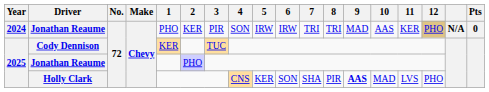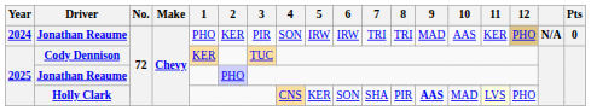 <table class="wikitable" style="text-align:center; font-size:75%">
 <tr>
 <th>Year</th>
 <th>Driver</th>
 <th>No.</th>
 <th>Make</th>
 <th>1</th>
 <th>2</th>
 <th>3</th>
 <th>4</th>
 <th>5</th>
 <th>6</th>
 <th>7</th>
 <th>8</th>
 <th>9</th>
 <th>10</th>
 <th>11</th>
 <th>12</th>
 <th></th>
 <th>Pts</th>
 </tr>
 <tr>
 <th><a href='#'>2024</a></th>
 <th><a href='#'>Jonathan Reaume</a></th>
 <th rowspan=4>72</th>
 <th rowspan=4><a href='#'>Chevy</a></th>
 <td><a href='#'>PHO</a></td>
 <td><a href='#'>KER</a></td>
 <td><a href='#'>PIR</a></td>
 <td><a href='#'>SON</a></td>
 <td><a href='#'>IRW</a></td>
 <td><a href='#'>IRW</a></td>
 <td><a href='#'>TRI</a></td>
 <td><a href='#'>TRI</a></td>
 <td><a href='#'>MAD</a></td>
 <td><a href='#'>AAS</a></td>
 <td><a href='#'>KER</a></td>
 <td style="background:#DFC484;"><a href='#'>PHO</a><br></td>
 <th>N/A</th>
 <th>0</th>
 </tr>
 <tr>
 <th rowspan=3><a href='#'>2025</a></th>
 <th><a href='#'>Cody Dennison</a></th>
 <td style="background:#FFDF9F;"><a href='#'>KER</a><br></td>
 <td></td>
 <td style="background:#FFDF9F;"><a href='#'>TUC</a><br></td>
 <td colspan=9></td>
 <th rowspan=3></th>
 <th rowspan=3></th>
 </tr>
 <tr>
 <th><a href='#'>Jonathan Reaume</a></th>
 <td></td>
 <td style="background:#CFCFFF;"><a href='#'>PHO</a><br></td>
 <td colspan=10></td>
 </tr>
 <tr>
 <th><a href='#'>Holly Clark</a></th>
 <td colspan=3></td>
 <td style="background:#FFDF9F;"><a href='#'>CNS</a><br></td>
 <td><a href='#'>KER</a></td>
 <td><a href='#'>SON</a></td>
 <td><a href='#'>SHA</a></td>
 <td><a href='#'>PIR</a></td>
 <td><strong><a href='#'>AAS</a></strong></td>
 <td><a href='#'>MAD</a></td>
-<td><a href='#'>LVS</a></td>
+<td style="background: lightyellow;"><a href='#'>LVS</a></td>
 <td><a href='#'>PHO</a></td>
 </tr>
 </table>
